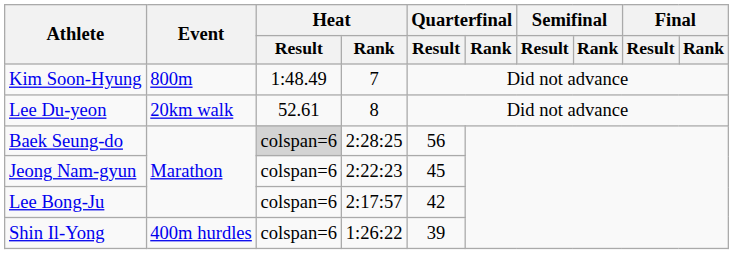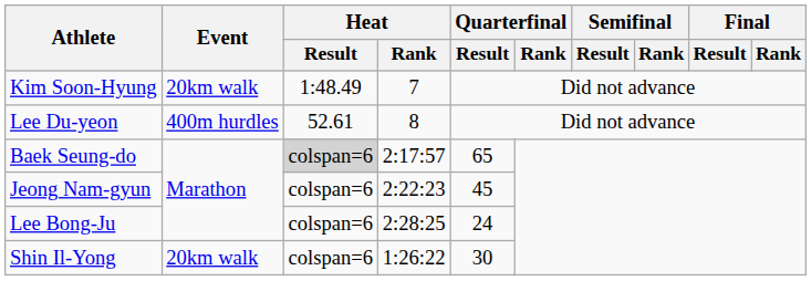 <table class=wikitable style="font-size:90%">
 <tr>
 <th rowspan="2">Athlete</th>
 <th rowspan="2">Event</th>
 <th colspan="2">Heat</th>
 <th colspan="2">Quarterfinal</th>
 <th colspan="2">Semifinal</th>
 <th colspan="2">Final</th>
 </tr>
 <tr style="font-size:95%">
 <th>Result</th>
 <th>Rank</th>
 <th>Result</th>
 <th>Rank</th>
 <th>Result</th>
 <th>Rank</th>
 <th>Result</th>
 <th>Rank</th>
 </tr>
 <tr style="text-align: center;">
 <td style="text-align: left;"><a href='#'>Kim Soon-Hyung</a></td>
-<td style="text-align: left;"><a href='#'>800m</a></td>
+<td style="text-align: left;"><a href='#'>20km walk</a></td>
 <td>1:48.49</td>
 <td>7</td>
 <td colspan=6>Did not advance</td>
 </tr>
 <tr style="text-align: center;">
 <td style="text-align: left;"><a href='#'>Lee Du-yeon</a></td>
-<td style="text-align: left;"><a href='#'>20km walk</a></td>
+<td style="text-align: left;"><a href='#'>400m hurdles</a></td>
 <td>52.61</td>
 <td>8</td>
 <td colspan=6>Did not advance</td>
 </tr>
 <tr style="text-align: center;">
 <td style="text-align: left;"><a href='#'>Baek Seung-do</a></td>
 <td style="text-align: left;" rowspan=3><a href='#'>Marathon</a></td>
 <td style="background: lightgrey;">colspan=6 </td>
-<td>2:28:25</td>
-<td>56</td>
+<td>2:17:57</td>
+<td>65</td>
 </tr>
 <tr style="text-align: center;">
 <td style="text-align: left;"><a href='#'>Jeong Nam-gyun</a></td>
 <td>colspan=6 </td>
 <td>2:22:23</td>
 <td>45</td>
 </tr>
 <tr style="text-align: center;">
 <td style="text-align: left;"><a href='#'>Lee Bong-Ju</a></td>
 <td>colspan=6 </td>
-<td>2:17:57</td>
-<td>42</td>
+<td>2:28:25</td>
+<td>24</td>
 </tr>
 <tr style="text-align: center;">
 <td style="text-align: left;"><a href='#'>Shin Il-Yong</a></td>
-<td style="text-align: left;"><a href='#'>400m hurdles</a></td>
+<td style="text-align: left;"><a href='#'>20km walk</a></td>
 <td>colspan=6 </td>
 <td>1:26:22</td>
-<td>39</td>
+<td>30</td>
 </tr>
 </table>
